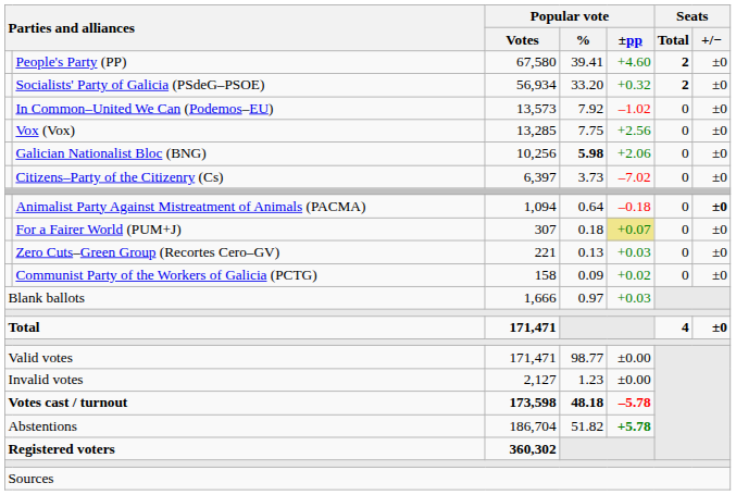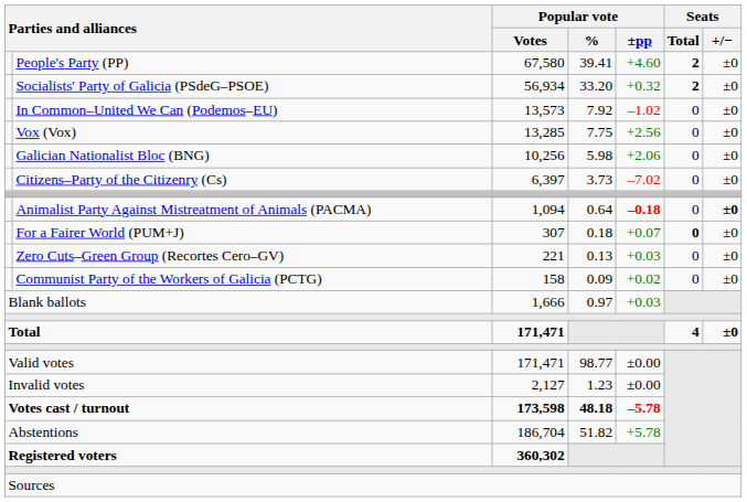 <table class="wikitable" style="text-align:right;">
 <tr>
 <th style="text-align:left;" rowspan="2" colspan="2" width="525">Parties and alliances</th>
 <th colspan="3">Popular vote</th>
 <th colspan="2">Seats</th>
 </tr>
 <tr>
 <th width="75">Votes</th>
 <th width="45">%</th>
 <th width="45">±<a href='#'>pp</a></th>
 <th width="35">Total</th>
 <th width="35">+/−</th>
 </tr>
 <tr>
 <td width="1" style="color:inherit;background:"></td>
 <td align="left"><a href='#'>People's Party</a> (PP)</td>
 <td>67,580</td>
 <td>39.41</td>
 <td style="color:green;">+4.60</td>
 <td><strong>2</strong></td>
 <td>±0</td>
 </tr>
 <tr>
 <td style="color:inherit;background:"></td>
 <td align="left"><a href='#'>Socialists' Party of Galicia</a> (PSdeG–PSOE)</td>
 <td>56,934</td>
 <td>33.20</td>
 <td style="color:green;">+0.32</td>
 <td><strong>2</strong></td>
 <td>±0</td>
 </tr>
 <tr>
 <td style="color:inherit;background:"></td>
 <td align="left"><a href='#'>In Common–United We Can</a> (<a href='#'>Podemos</a>–<a href='#'>EU</a>)</td>
 <td>13,573</td>
 <td>7.92</td>
 <td style="color:red;">–1.02</td>
 <td>0</td>
 <td>±0</td>
 </tr>
 <tr>
 <td style="color:inherit;background:"></td>
 <td align="left"><a href='#'>Vox</a> (Vox)</td>
 <td>13,285</td>
 <td>7.75</td>
 <td style="color:green;">+2.56</td>
 <td>0</td>
 <td>±0</td>
 </tr>
 <tr>
 <td style="color:inherit;background:"></td>
 <td align="left"><a href='#'>Galician Nationalist Bloc</a> (BNG)</td>
 <td>10,256</td>
-<td><strong>5.98</strong></td>
+<td>5.98</td>
 <td style="color:green;">+2.06</td>
 <td>0</td>
 <td>±0</td>
 </tr>
 <tr>
 <td style="color:inherit;background:"></td>
 <td align="left"><a href='#'>Citizens–Party of the Citizenry</a> (Cs)</td>
 <td>6,397</td>
 <td>3.73</td>
 <td style="color:red;">–7.02</td>
 <td>0</td>
 <td>±0</td>
 </tr>
 <tr>
 <td colspan="7" bgcolor="#C0C0C0"></td>
 </tr>
 <tr>
 <td style="color:inherit;background:"></td>
 <td align="left"><a href='#'>Animalist Party Against Mistreatment of Animals</a> (PACMA)</td>
 <td>1,094</td>
 <td>0.64</td>
-<td style="color:red;">–0.18</td>
+<td style="color:red;"><strong>–0.18</strong></td>
 <td>0</td>
 <td><strong>±0</strong></td>
 </tr>
 <tr>
 <td style="color:inherit;background:"></td>
 <td align="left"><a href='#'>For a Fairer World</a> (PUM+J)</td>
 <td>307</td>
 <td>0.18</td>
-<td style="background: khaki; color:green;">+0.07</td>
-<td>0</td>
+<td style="color:green;">+0.07</td>
+<td><strong>0</strong></td>
 <td>±0</td>
 </tr>
 <tr>
 <td style="color:inherit;background:"></td>
 <td align="left"><a href='#'>Zero Cuts</a>–<a href='#'>Green Group</a> (Recortes Cero–GV)</td>
 <td>221</td>
 <td>0.13</td>
 <td style="color:green;">+0.03</td>
 <td>0</td>
 <td>±0</td>
 </tr>
 <tr>
 <td style="color:inherit;background:"></td>
 <td align="left"><a href='#'>Communist Party of the Workers of Galicia</a> (PCTG)</td>
 <td>158</td>
 <td>0.09</td>
 <td style="color:green;">+0.02</td>
 <td>0</td>
 <td>±0</td>
 </tr>
 <tr>
 <td align="left" colspan="2">Blank ballots</td>
 <td>1,666</td>
 <td>0.97</td>
 <td style="color:green;">+0.03</td>
 <td bgcolor="#E9E9E9" colspan="2"></td>
 </tr>
 <tr>
 <td colspan="7" bgcolor="#E9E9E9"></td>
 </tr>
 <tr style="font-weight:bold;">
 <td align="left" colspan="2">Total</td>
 <td>171,471</td>
 <td bgcolor="#E9E9E9" colspan="2"></td>
 <td>4</td>
 <td>±0</td>
 </tr>
 <tr>
 <td colspan="7" bgcolor="#E9E9E9"></td>
 </tr>
 <tr>
 <td align="left" colspan="2">Valid votes</td>
 <td>171,471</td>
 <td>98.77</td>
 <td>±0.00</td>
 <td bgcolor="#E9E9E9" colspan="2" rowspan="5"></td>
 </tr>
 <tr>
 <td align="left" colspan="2">Invalid votes</td>
 <td>2,127</td>
 <td>1.23</td>
 <td>±0.00</td>
 </tr>
 <tr style="font-weight:bold;">
 <td align="left" colspan="2">Votes cast / turnout</td>
 <td>173,598</td>
 <td>48.18</td>
 <td style="color:red;">–5.78</td>
 </tr>
 <tr>
 <td align="left" colspan="2">Abstentions</td>
 <td>186,704</td>
 <td>51.82</td>
-<td style="color:green;"><strong>+5.78</strong></td>
+<td style="color:green;">+5.78</td>
 </tr>
 <tr style="font-weight:bold;">
 <td align="left" colspan="2">Registered voters</td>
 <td>360,302</td>
 <td bgcolor="#E9E9E9" colspan="2"></td>
 </tr>
 <tr>
 <td colspan="7" bgcolor="#E9E9E9"></td>
 </tr>
 <tr>
 <td align="left" colspan="7">Sources</td>
 </tr>
 </table>
